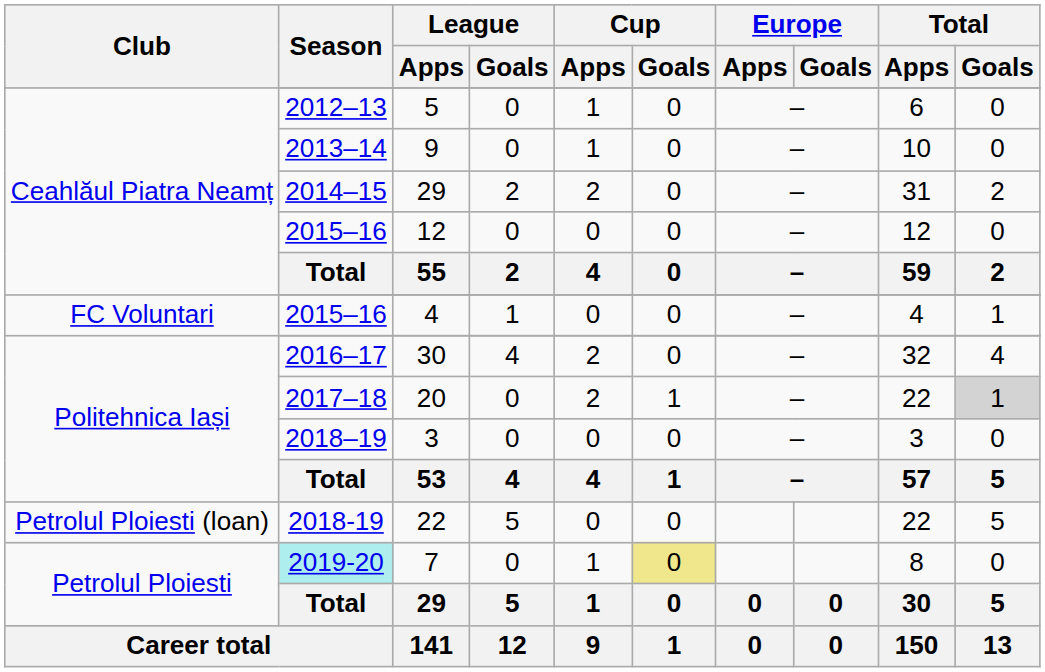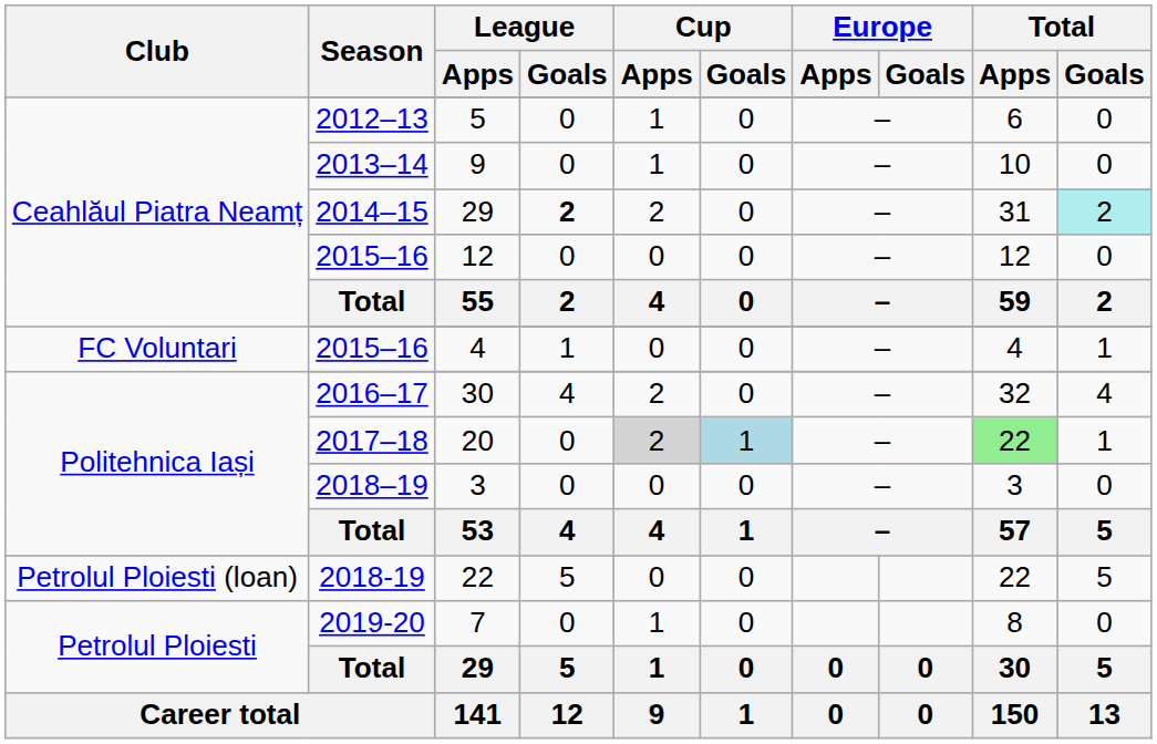 <table class="wikitable" style="text-align:center">
 <tr>
 <th rowspan="2">Club</th>
 <th rowspan="2">Season</th>
 <th colspan="2">League</th>
 <th colspan="2">Cup</th>
 <th colspan="2"><a href='#'>Europe</a></th>
 <th colspan="3">Total</th>
 </tr>
 <tr>
 <th>Apps</th>
 <th>Goals</th>
 <th>Apps</th>
 <th>Goals</th>
 <th>Apps</th>
 <th>Goals</th>
 <th>Apps</th>
 <th>Goals</th>
 </tr>
 <tr>
 <td rowspan="6" valign="center"><a href='#'>Ceahlăul Piatra Neamț</a></td>
 </tr>
 <tr>
 <td><a href='#'>2012–13</a></td>
 <td>5</td>
 <td>0</td>
 <td>1</td>
 <td>0</td>
 <td rowspan=1 colspan="2">–</td>
 <td>6</td>
 <td>0</td>
 </tr>
 <tr>
 <td><a href='#'>2013–14</a></td>
 <td>9</td>
 <td>0</td>
 <td>1</td>
 <td>0</td>
 <td rowspan=1 colspan="2">–</td>
 <td>10</td>
 <td>0</td>
 </tr>
 <tr>
 <td><a href='#'>2014–15</a></td>
 <td>29</td>
-<td>2</td>
+<td><strong>2</strong></td>
 <td>2</td>
 <td>0</td>
 <td rowspan=1 colspan="2">–</td>
 <td>31</td>
-<td>2</td>
+<td style="background: paleturquoise;">2</td>
 </tr>
 <tr>
 <td><a href='#'>2015–16</a></td>
 <td>12</td>
 <td>0</td>
 <td>0</td>
 <td>0</td>
 <td rowspan=1 colspan="2">–</td>
 <td>12</td>
 <td>0</td>
 </tr>
 <tr>
 <th>Total</th>
 <th>55</th>
 <th>2</th>
 <th>4</th>
 <th>0</th>
 <th rowspan=1 colspan="2">–</th>
 <th>59</th>
 <th>2</th>
 </tr>
 <tr>
 <td rowspan="2" valign="center"><a href='#'>FC Voluntari</a></td>
 </tr>
 <tr>
 <td><a href='#'>2015–16</a></td>
 <td>4</td>
 <td>1</td>
 <td>0</td>
 <td>0</td>
 <td rowspan=1 colspan="2">–</td>
 <td>4</td>
 <td>1</td>
 </tr>
 <tr>
 <td rowspan="5" valign="center"><a href='#'>Politehnica Iași</a></td>
 </tr>
 <tr>
 <td><a href='#'>2016–17</a></td>
 <td>30</td>
 <td>4</td>
 <td>2</td>
 <td>0</td>
 <td rowspan=1 colspan="2">–</td>
 <td>32</td>
 <td>4</td>
 </tr>
 <tr>
 <td><a href='#'>2017–18</a></td>
 <td>20</td>
 <td>0</td>
-<td>2</td>
+<td style="background: lightgrey;">2</td>
+<td style="background: lightblue;">1</td>
+<td rowspan=1 colspan="2">–</td>
+<td style="background: lightgreen;">22</td>
 <td>1</td>
-<td rowspan=1 colspan="2">–</td>
-<td>22</td>
-<td style="background: lightgrey;">1</td>
 </tr>
 <tr>
 <td><a href='#'>2018–19</a></td>
 <td>3</td>
 <td>0</td>
 <td>0</td>
 <td>0</td>
 <td rowspan=1 colspan="2">–</td>
 <td>3</td>
 <td>0</td>
 </tr>
 <tr>
 <th>Total</th>
 <th>53</th>
 <th>4</th>
 <th>4</th>
 <th>1</th>
 <th rowspan=1 colspan="2">–</th>
 <th>57</th>
 <th>5</th>
 </tr>
 <tr>
 <td><a href='#'>Petrolul Ploiesti</a> (loan)</td>
 <td><a href='#'>2018-19</a></td>
 <td>22</td>
 <td>5</td>
 <td>0</td>
 <td>0</td>
 <td></td>
 <td></td>
 <td>22</td>
 <td>5</td>
 </tr>
 <tr>
 <td rowspan="2"><a href='#'>Petrolul Ploiesti</a></td>
-<td style="background: paleturquoise;"><a href='#'>2019-20</a></td>
+<td><a href='#'>2019-20</a></td>
 <td>7</td>
 <td>0</td>
 <td>1</td>
-<td style="background: khaki;">0</td>
+<td>0</td>
 <td></td>
 <td></td>
 <td>8</td>
 <td>0</td>
 </tr>
 <tr>
 <th>Total</th>
 <th>29</th>
 <th>5</th>
 <th>1</th>
 <th>0</th>
 <th>0</th>
 <th>0</th>
 <th>30</th>
 <th>5</th>
 </tr>
 <tr>
 <th colspan="2">Career total</th>
 <th>141</th>
 <th>12</th>
 <th>9</th>
 <th>1</th>
 <th>0</th>
 <th>0</th>
 <th>150</th>
 <th>13</th>
 </tr>
 </table>
